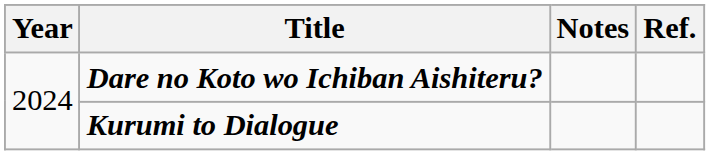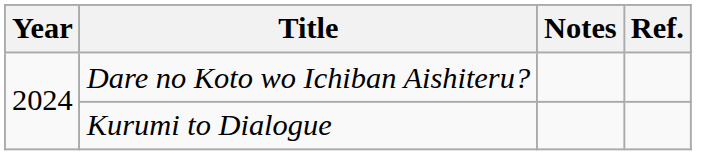 <table class="wikitable">
 <tr>
 <th>Year</th>
 <th>Title</th>
 <th>Notes</th>
 <th>Ref.</th>
 </tr>
 <tr>
 <td rowspan="2">2024</td>
-<td><strong><em>Dare no Koto wo Ichiban Aishiteru?</em></strong></td>
+<td><em>Dare no Koto wo Ichiban Aishiteru?</em></td>
 <td></td>
 <td></td>
 </tr>
 <tr>
-<td><strong><em>Kurumi to Dialogue</em></strong></td>
+<td><em>Kurumi to Dialogue</em></td>
 <td></td>
 <td></td>
 </tr>
 </table>
